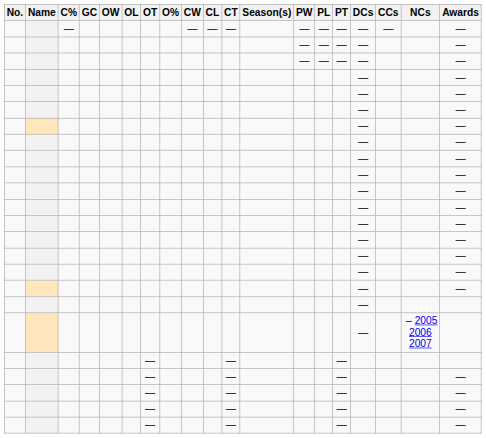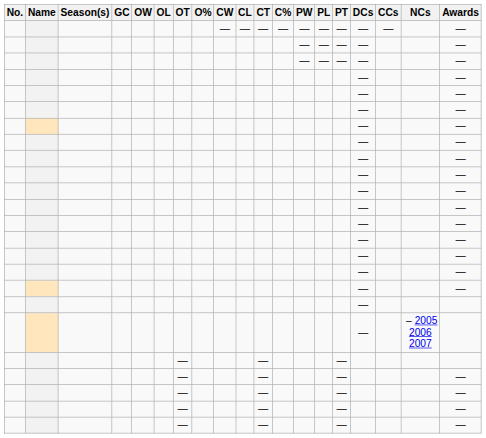 <table class="wikitable sortable" style="text-align:center">
 <tr>
 <th scope="col" class="unsortable">No.</th>
 <th scope="col">Name</th>
-<th scope="col">C%</th>
+<th scope="col">Season(s)</th>
 <th scope="col">GC</th>
 <th scope="col">OW</th>
 <th scope="col">OL</th>
 <th scope="col">OT</th>
 <th scope="col">O%</th>
 <th scope="col">CW</th>
 <th scope="col">CL</th>
 <th scope="col">CT</th>
-<th scope="col">Season(s)</th>
+<th scope="col">C%</th>
 <th scope="col">PW</th>
 <th scope="col">PL</th>
 <th scope="col">PT</th>
 <th scope="col">DCs</th>
 <th scope="col">CCs</th>
 <th scope="col">NCs</th>
 <th scope="col" class="unsortable">Awards</th>
 </tr>
 <tr>
 <td></td>
 <th scope="row"></th>
-<td>—</td>
+<td></td>
 <td></td>
 <td></td>
 <td></td>
 <td></td>
 <td></td>
 <td>—</td>
 <td>—</td>
 <td>—</td>
-<td></td>
+<td>—</td>
 <td>—</td>
 <td>—</td>
 <td>—</td>
 <td>—</td>
 <td>—</td>
 <td></td>
 <td>—</td>
 </tr>
 <tr>
 <td></td>
 <th scope="row"></th>
 <td></td>
 <td></td>
 <td></td>
 <td></td>
 <td></td>
 <td></td>
 <td></td>
 <td></td>
 <td></td>
 <td></td>
 <td>—</td>
 <td>—</td>
 <td>—</td>
 <td>—</td>
 <td></td>
 <td></td>
 <td>—</td>
 </tr>
 <tr>
 <td></td>
 <th scope="row"></th>
 <td></td>
 <td></td>
 <td></td>
 <td></td>
 <td></td>
 <td></td>
 <td></td>
 <td></td>
 <td></td>
 <td></td>
 <td>—</td>
 <td>—</td>
 <td>—</td>
 <td>—</td>
 <td></td>
 <td></td>
 <td>—</td>
 </tr>
 <tr>
 <td></td>
 <th scope="row"></th>
 <td></td>
 <td></td>
 <td></td>
 <td></td>
 <td></td>
 <td></td>
 <td></td>
 <td></td>
 <td></td>
 <td></td>
 <td></td>
 <td></td>
 <td></td>
 <td>—</td>
 <td></td>
 <td></td>
 <td>—</td>
 </tr>
 <tr>
 <td></td>
 <th scope="row"></th>
 <td></td>
 <td></td>
 <td></td>
 <td></td>
 <td></td>
 <td></td>
 <td></td>
 <td></td>
 <td></td>
 <td></td>
 <td></td>
 <td></td>
 <td></td>
 <td>—</td>
 <td></td>
 <td></td>
 <td>—</td>
 </tr>
 <tr>
 <td></td>
 <th scope="row"></th>
 <td></td>
 <td></td>
 <td></td>
 <td></td>
 <td></td>
 <td></td>
 <td></td>
 <td></td>
 <td></td>
 <td></td>
 <td></td>
 <td></td>
 <td></td>
 <td>—</td>
 <td></td>
 <td></td>
 <td>—</td>
 </tr>
 <tr>
 <td></td>
 <td scope="row" align="center" bgcolor=#FFE6BD><strong></strong><sup></sup></td>
 <td></td>
 <td></td>
 <td></td>
 <td></td>
 <td></td>
 <td></td>
 <td></td>
 <td></td>
 <td></td>
 <td></td>
 <td></td>
 <td></td>
 <td></td>
 <td>—</td>
 <td></td>
 <td></td>
 <td>—</td>
 </tr>
 <tr>
 <td></td>
 <th scope="row"></th>
 <td></td>
 <td></td>
 <td></td>
 <td></td>
 <td></td>
 <td></td>
 <td></td>
 <td></td>
 <td></td>
 <td></td>
 <td></td>
 <td></td>
 <td></td>
 <td>—</td>
 <td></td>
 <td></td>
 <td>—</td>
 </tr>
 <tr>
 <td></td>
 <th scope="row"></th>
 <td></td>
 <td></td>
 <td></td>
 <td></td>
 <td></td>
 <td></td>
 <td></td>
 <td></td>
 <td></td>
 <td></td>
 <td></td>
 <td></td>
 <td></td>
 <td>—</td>
 <td></td>
 <td></td>
 <td>—</td>
 </tr>
 <tr>
 <td></td>
 <th scope="row"></th>
 <td></td>
 <td></td>
 <td></td>
 <td></td>
 <td></td>
 <td></td>
 <td></td>
 <td></td>
 <td></td>
 <td></td>
 <td></td>
 <td></td>
 <td></td>
 <td>—</td>
 <td></td>
 <td></td>
 <td>—</td>
 </tr>
 <tr>
 <td></td>
 <th scope="row"></th>
 <td></td>
 <td></td>
 <td></td>
 <td></td>
 <td></td>
 <td></td>
 <td></td>
 <td></td>
 <td></td>
 <td></td>
 <td></td>
 <td></td>
 <td></td>
 <td>—</td>
 <td></td>
 <td></td>
 <td>—</td>
 </tr>
 <tr>
 <td></td>
 <th scope="row"></th>
 <td></td>
 <td></td>
 <td></td>
 <td></td>
 <td></td>
 <td></td>
 <td></td>
 <td></td>
 <td></td>
 <td></td>
 <td></td>
 <td></td>
 <td></td>
 <td>—</td>
 <td></td>
 <td></td>
 <td>—</td>
 </tr>
 <tr>
 <td></td>
 <th scope="row"></th>
 <td></td>
 <td></td>
 <td></td>
 <td></td>
 <td></td>
 <td></td>
 <td></td>
 <td></td>
 <td></td>
 <td></td>
 <td></td>
 <td></td>
 <td></td>
 <td>—</td>
 <td></td>
 <td></td>
 <td>—</td>
 </tr>
 <tr>
 <td></td>
 <th scope="row"></th>
 <td></td>
 <td></td>
 <td></td>
 <td></td>
 <td></td>
 <td></td>
 <td></td>
 <td></td>
 <td></td>
 <td></td>
 <td></td>
 <td></td>
 <td></td>
 <td>—</td>
 <td></td>
 <td></td>
 <td>—</td>
 </tr>
 <tr>
 <td></td>
 <th scope="row"></th>
 <td></td>
 <td></td>
 <td></td>
 <td></td>
 <td></td>
 <td></td>
 <td></td>
 <td></td>
 <td></td>
 <td></td>
 <td></td>
 <td></td>
 <td></td>
 <td>—</td>
 <td></td>
 <td></td>
 <td>—</td>
 </tr>
 <tr>
 <td></td>
 <th scope="row"></th>
 <td></td>
 <td></td>
 <td></td>
 <td></td>
 <td></td>
 <td></td>
 <td></td>
 <td></td>
 <td></td>
 <td></td>
 <td></td>
 <td></td>
 <td></td>
 <td>—</td>
 <td></td>
 <td></td>
 <td>—</td>
 </tr>
 <tr>
 <td></td>
 <td scope="row" align="center" bgcolor=#FFE6BD><strong></strong><sup></sup></td>
 <td></td>
 <td></td>
 <td></td>
 <td></td>
 <td></td>
 <td></td>
 <td></td>
 <td></td>
 <td></td>
 <td></td>
 <td></td>
 <td></td>
 <td></td>
 <td>—</td>
 <td></td>
 <td></td>
 <td>—</td>
 </tr>
 <tr>
 <td></td>
 <th scope="row"></th>
 <td></td>
 <td></td>
 <td></td>
 <td></td>
 <td></td>
 <td></td>
 <td></td>
 <td></td>
 <td></td>
 <td></td>
 <td></td>
 <td></td>
 <td></td>
 <td>—</td>
 <td></td>
 <td></td>
 <td></td>
 </tr>
 <tr>
 <td></td>
 <td scope="row" align="center" bgcolor=#FFE6BD><strong></strong><sup></sup></td>
 <td></td>
 <td></td>
 <td></td>
 <td></td>
 <td></td>
 <td></td>
 <td></td>
 <td></td>
 <td></td>
 <td></td>
 <td></td>
 <td></td>
 <td></td>
 <td>—</td>
 <td></td>
 <td> – <a href='#'>2005</a><br><a href='#'>2006</a><br><a href='#'>2007</a></td>
 <td></td>
 </tr>
 <tr>
 <td></td>
 <th scope="row"></th>
 <td></td>
 <td></td>
 <td></td>
 <td></td>
 <td>—</td>
 <td></td>
 <td></td>
 <td></td>
 <td>—</td>
 <td></td>
 <td></td>
 <td></td>
 <td>—</td>
 <td></td>
 <td></td>
 <td></td>
 <td></td>
 </tr>
 <tr>
 <td></td>
 <th scope="row"></th>
 <td></td>
 <td></td>
 <td></td>
 <td></td>
 <td>—</td>
 <td></td>
 <td></td>
 <td></td>
 <td>—</td>
 <td></td>
 <td></td>
 <td></td>
 <td>—</td>
 <td></td>
 <td></td>
 <td></td>
 <td>—</td>
 </tr>
 <tr>
 <td></td>
 <th scope="row"></th>
 <td></td>
 <td></td>
 <td></td>
 <td></td>
 <td>—</td>
 <td></td>
 <td></td>
 <td></td>
 <td>—</td>
 <td></td>
 <td></td>
 <td></td>
 <td>—</td>
 <td></td>
 <td></td>
 <td></td>
 <td>—</td>
 </tr>
 <tr>
 <td></td>
 <th scope="row"></th>
 <td></td>
 <td></td>
 <td></td>
 <td></td>
 <td>—</td>
 <td></td>
 <td></td>
 <td></td>
 <td>—</td>
 <td></td>
 <td></td>
 <td></td>
 <td>—</td>
 <td></td>
 <td></td>
 <td></td>
 <td>—</td>
 </tr>
 <tr>
 <td></td>
 <th scope="row"></th>
 <td></td>
 <td></td>
 <td></td>
 <td></td>
 <td>—</td>
 <td></td>
 <td></td>
 <td></td>
 <td>—</td>
 <td></td>
 <td></td>
 <td></td>
 <td>—</td>
 <td></td>
 <td></td>
 <td></td>
 <td>—</td>
 </tr>
 </table>
